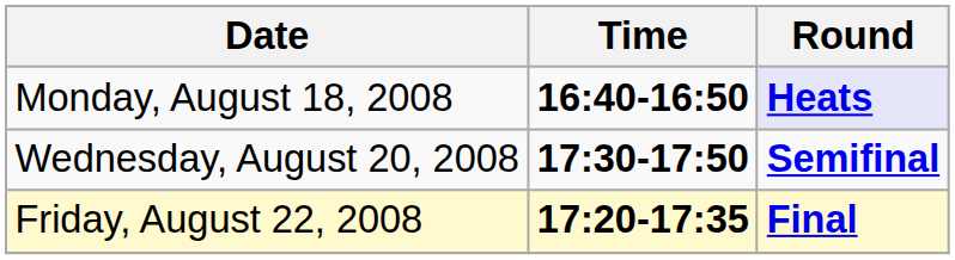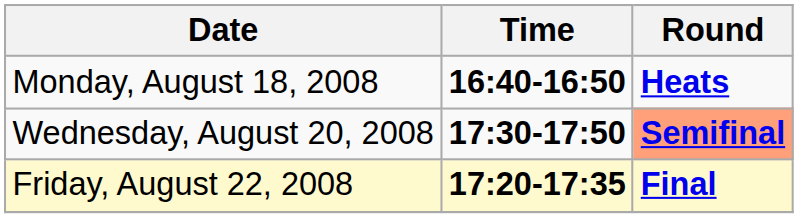 <table class="wikitable">
 <tr>
 <th>Date</th>
 <th>Time</th>
 <th>Round</th>
 </tr>
 <tr>
 <td>Monday, August 18, 2008</td>
 <td><strong>16:40-16:50</strong></td>
-<td style="background: lavender;"><strong><a href='#'>Heats</a></strong></td>
+<td><strong><a href='#'>Heats</a></strong></td>
 </tr>
 <tr>
 <td>Wednesday, August 20, 2008</td>
 <td><strong>17:30-17:50</strong></td>
-<td><strong><a href='#'>Semifinal</a></strong></td>
+<td style="background: lightsalmon;"><strong><a href='#'>Semifinal</a></strong></td>
 </tr>
 <tr>
 <td style=background:lemonchiffon>Friday, August 22, 2008</td>
 <td style=background:lemonchiffon><strong>17:20-17:35</strong></td>
 <td style=background:lemonchiffon><strong><a href='#'>Final</a></strong></td>
 </tr>
 <tr>
 </tr>
 </table>
